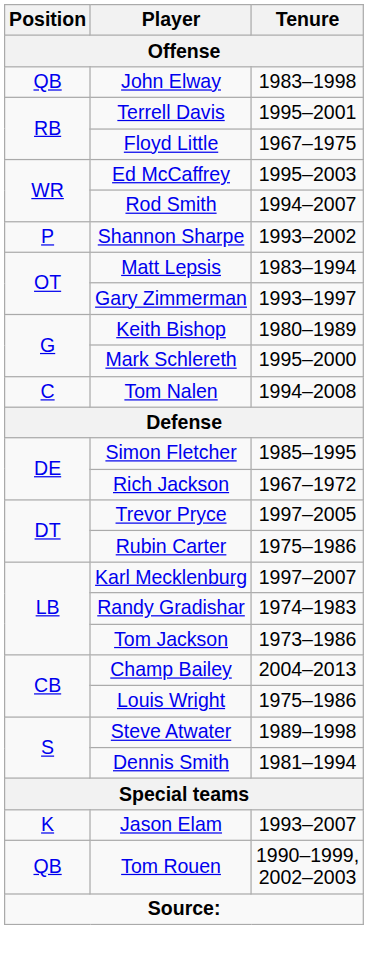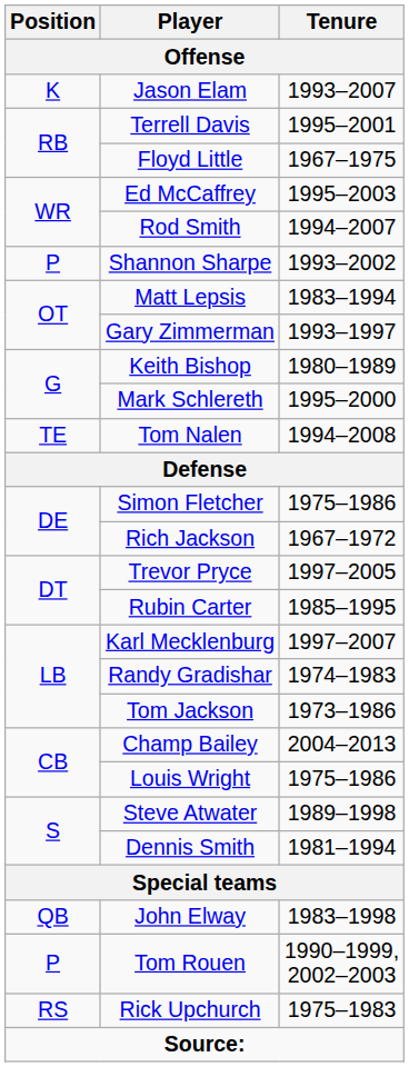 <table class="wikitable" style="text-align: center;">
 <tr>
 <th scope="col">Position</th>
 <th scope="col">Player</th>
 <th scope="col">Tenure</th>
 </tr>
 <tr>
 <th colspan="3">Offense</th>
 </tr>
 <tr>
-<td><a href='#'>QB</a></td>
-<td><a href='#'>John Elway</a></td>
-<td>1983–1998</td>
+<td><a href='#'>K</a></td>
+<td><a href='#'>Jason Elam</a></td>
+<td>1993–2007</td>
 </tr>
 <tr>
 <td rowspan="2"><a href='#'>RB</a></td>
 <td><a href='#'>Terrell Davis</a></td>
 <td>1995–2001</td>
 </tr>
 <tr>
 <td><a href='#'>Floyd Little</a></td>
 <td>1967–1975</td>
 </tr>
 <tr>
 <td rowspan="2"><a href='#'>WR</a></td>
 <td><a href='#'>Ed McCaffrey</a></td>
 <td>1995–2003</td>
 </tr>
 <tr>
 <td><a href='#'>Rod Smith</a></td>
 <td>1994–2007</td>
 </tr>
 <tr>
 <td><a href='#'>P</a></td>
 <td><a href='#'>Shannon Sharpe</a></td>
 <td>1993–2002</td>
 </tr>
 <tr>
 <td rowspan="2"><a href='#'>OT</a></td>
 <td><a href='#'>Matt Lepsis</a></td>
 <td>1983–1994</td>
 </tr>
 <tr>
 <td><a href='#'>Gary Zimmerman</a></td>
 <td>1993–1997</td>
 </tr>
 <tr>
 <td rowspan="2"><a href='#'>G</a></td>
 <td><a href='#'>Keith Bishop</a></td>
 <td>1980–1989</td>
 </tr>
 <tr>
 <td><a href='#'>Mark Schlereth</a></td>
 <td>1995–2000</td>
 </tr>
 <tr>
-<td><a href='#'>C</a></td>
+<td><a href='#'>TE</a></td>
 <td><a href='#'>Tom Nalen</a></td>
 <td>1994–2008</td>
 </tr>
 <tr>
 <th colspan="3">Defense</th>
 </tr>
 <tr>
 <td rowspan="2"><a href='#'>DE</a></td>
 <td><a href='#'>Simon Fletcher</a></td>
-<td>1985–1995</td>
+<td>1975–1986</td>
 </tr>
 <tr>
 <td><a href='#'>Rich Jackson</a></td>
 <td>1967–1972</td>
 </tr>
 <tr>
 <td rowspan="2"><a href='#'>DT</a></td>
 <td><a href='#'>Trevor Pryce</a></td>
 <td>1997–2005</td>
 </tr>
 <tr>
 <td><a href='#'>Rubin Carter</a></td>
-<td>1975–1986</td>
+<td>1985–1995</td>
 </tr>
 <tr>
 <td rowspan="3"><a href='#'>LB</a></td>
 <td><a href='#'>Karl Mecklenburg</a></td>
 <td>1997–2007</td>
 </tr>
 <tr>
 <td><a href='#'>Randy Gradishar</a></td>
 <td>1974–1983</td>
 </tr>
 <tr>
 <td><a href='#'>Tom Jackson</a></td>
 <td>1973–1986</td>
 </tr>
 <tr>
 <td rowspan="2"><a href='#'>CB</a></td>
 <td><a href='#'>Champ Bailey</a></td>
 <td>2004–2013</td>
 </tr>
 <tr>
 <td><a href='#'>Louis Wright</a></td>
 <td>1975–1986</td>
 </tr>
 <tr>
 <td rowspan="2"><a href='#'>S</a></td>
 <td><a href='#'>Steve Atwater</a></td>
 <td>1989–1998</td>
 </tr>
 <tr>
 <td><a href='#'>Dennis Smith</a></td>
 <td>1981–1994</td>
 </tr>
 <tr>
 <th colspan="3">Special teams</th>
 </tr>
 <tr>
-<td><a href='#'>K</a></td>
-<td><a href='#'>Jason Elam</a></td>
-<td>1993–2007</td>
+<td><a href='#'>QB</a></td>
+<td><a href='#'>John Elway</a></td>
+<td>1983–1998</td>
 </tr>
 <tr>
-<td><a href='#'>QB</a></td>
+<td><a href='#'>P</a></td>
 <td><a href='#'>Tom Rouen</a></td>
 <td>1990–1999, <br> 2002–2003</td>
+</tr>
+<tr>
+<td><a href='#'>RS</a></td>
+<td><a href='#'>Rick Upchurch</a></td>
+<td>1975–1983</td>
 </tr>
 <tr>
 <td colspan="3" style="text-align: center;"><strong>Source:</strong></td>
 </tr>
 </table>
